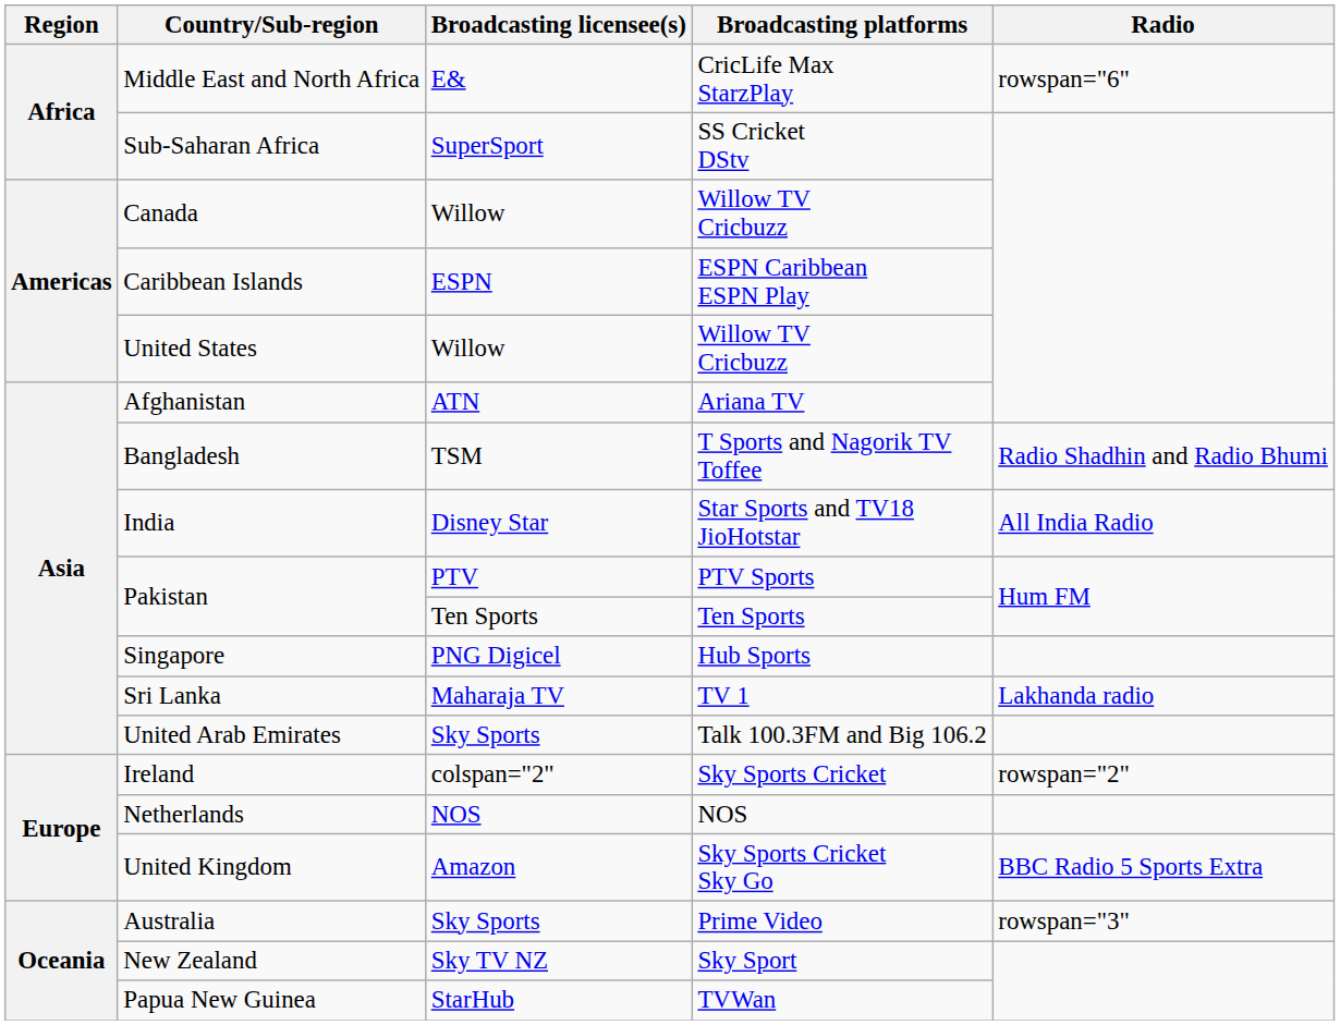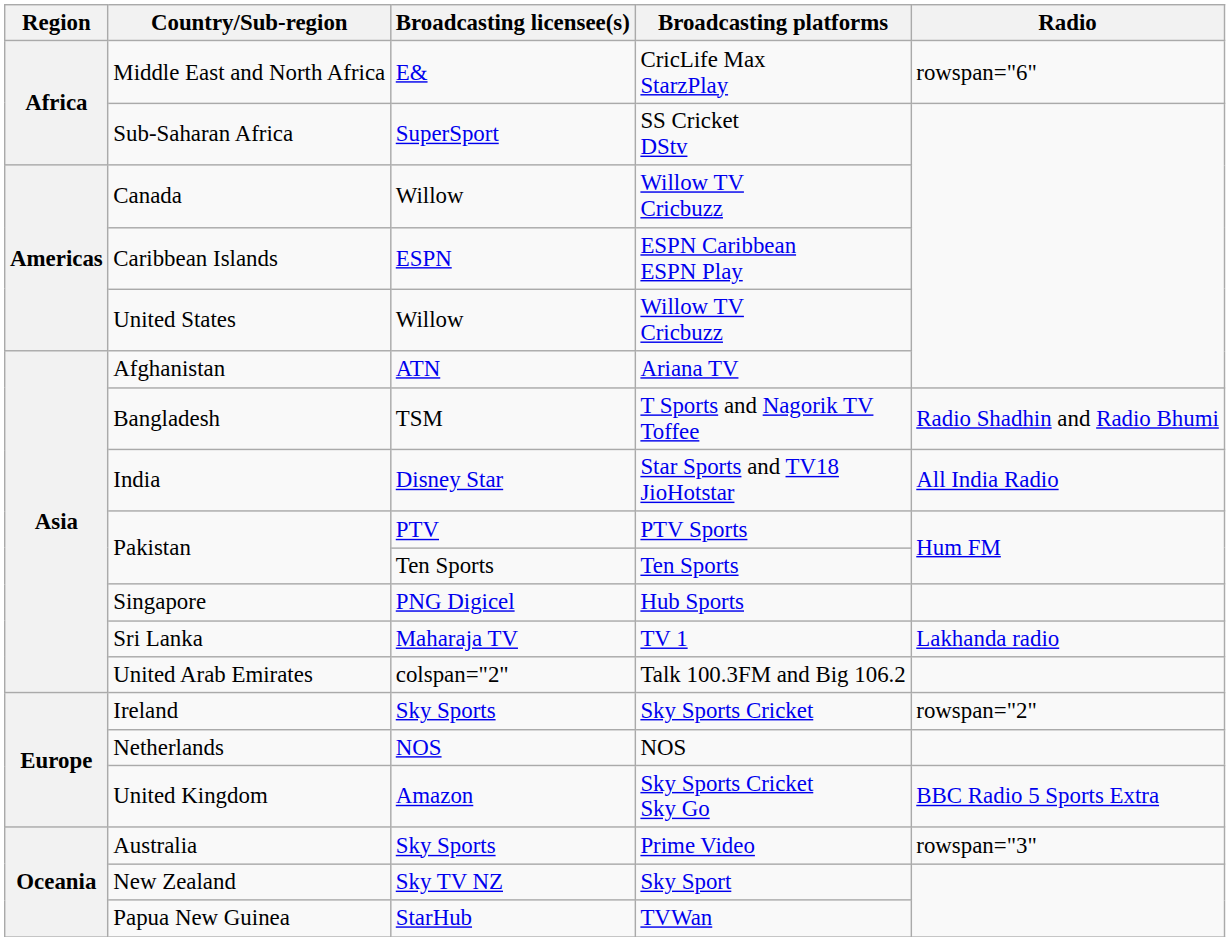 <table class="wikitable">
 <tr>
 <th scope="col">Region</th>
 <th scope="col">Country/Sub-region</th>
 <th scope="col">Broadcasting licensee(s)</th>
 <th scope="col">Broadcasting platforms</th>
 <th scope="col">Radio</th>
 </tr>
 <tr>
 <th rowspan="2">Africa</th>
 <td>Middle East and North Africa</td>
 <td><a href='#'>E&</a></td>
 <td>CricLife Max<br><a href='#'>StarzPlay</a></td>
 <td>rowspan="6" </td>
 </tr>
 <tr>
 <td>Sub-Saharan Africa</td>
 <td><a href='#'>SuperSport</a></td>
 <td>SS Cricket<br><a href='#'>DStv</a></td>
 </tr>
 <tr>
 <th rowspan="3">Americas</th>
 <td>Canada</td>
 <td>Willow</td>
 <td><a href='#'>Willow TV</a><br><a href='#'>Cricbuzz</a></td>
 </tr>
 <tr>
 <td>Caribbean Islands</td>
 <td><a href='#'>ESPN</a></td>
 <td><a href='#'>ESPN Caribbean</a><br><a href='#'>ESPN Play</a></td>
 </tr>
 <tr>
 <td>United States</td>
 <td>Willow</td>
 <td><a href='#'>Willow TV</a><br><a href='#'>Cricbuzz</a></td>
 </tr>
 <tr>
 <th rowspan="8">Asia</th>
 <td>Afghanistan</td>
 <td><a href='#'>ATN</a></td>
 <td><a href='#'>Ariana TV</a></td>
 </tr>
 <tr>
 <td>Bangladesh</td>
 <td>TSM</td>
 <td><a href='#'>T Sports</a> and <a href='#'>Nagorik TV</a><br><a href='#'>Toffee</a></td>
 <td><a href='#'>Radio Shadhin</a> and <a href='#'>Radio Bhumi</a></td>
 </tr>
 <tr>
 <td>India</td>
 <td><a href='#'>Disney Star</a></td>
 <td><a href='#'>Star Sports</a> and <a href='#'>TV18</a><br><a href='#'>JioHotstar</a></td>
 <td><a href='#'>All India Radio</a></td>
 </tr>
 <tr>
 <td rowspan="2">Pakistan</td>
 <td><a href='#'>PTV</a></td>
 <td><a href='#'>PTV Sports</a></td>
 <td rowspan="2"><a href='#'>Hum FM</a></td>
 </tr>
 <tr>
 <td>Ten Sports</td>
 <td><a href='#'>Ten Sports</a></td>
 </tr>
 <tr>
 <td>Singapore</td>
 <td><a href='#'>PNG Digicel</a></td>
 <td><a href='#'>Hub Sports</a></td>
 <td></td>
 </tr>
 <tr>
 <td>Sri Lanka</td>
 <td><a href='#'>Maharaja TV</a></td>
 <td><a href='#'>TV 1</a></td>
 <td><a href='#'>Lakhanda radio</a></td>
 </tr>
 <tr>
 <td>United Arab Emirates</td>
-<td><a href='#'>Sky Sports</a></td>
+<td>colspan="2" </td>
 <td>Talk 100.3FM and Big 106.2</td>
 </tr>
 <tr>
 <th rowspan="3">Europe</th>
 <td>Ireland</td>
-<td>colspan="2" </td>
+<td><a href='#'>Sky Sports</a></td>
 <td><a href='#'>Sky Sports Cricket</a></td>
 <td>rowspan="2" </td>
 </tr>
 <tr>
 <td>Netherlands</td>
 <td><a href='#'>NOS</a></td>
 <td>NOS</td>
 </tr>
 <tr>
 <td>United Kingdom</td>
 <td><a href='#'>Amazon</a></td>
 <td><a href='#'>Sky Sports Cricket</a><br><a href='#'>Sky Go</a></td>
 <td><a href='#'>BBC Radio 5 Sports Extra</a></td>
 </tr>
 <tr>
 <th rowspan="3">Oceania</th>
 <td>Australia</td>
 <td><a href='#'>Sky Sports</a></td>
 <td><a href='#'>Prime Video</a></td>
 <td>rowspan="3" </td>
 </tr>
 <tr>
 <td>New Zealand</td>
 <td><a href='#'>Sky TV NZ</a></td>
 <td><a href='#'>Sky Sport</a></td>
 </tr>
 <tr>
 <td>Papua New Guinea</td>
 <td><a href='#'>StarHub</a></td>
 <td><a href='#'>TVWan</a></td>
 </tr>
 </table>
